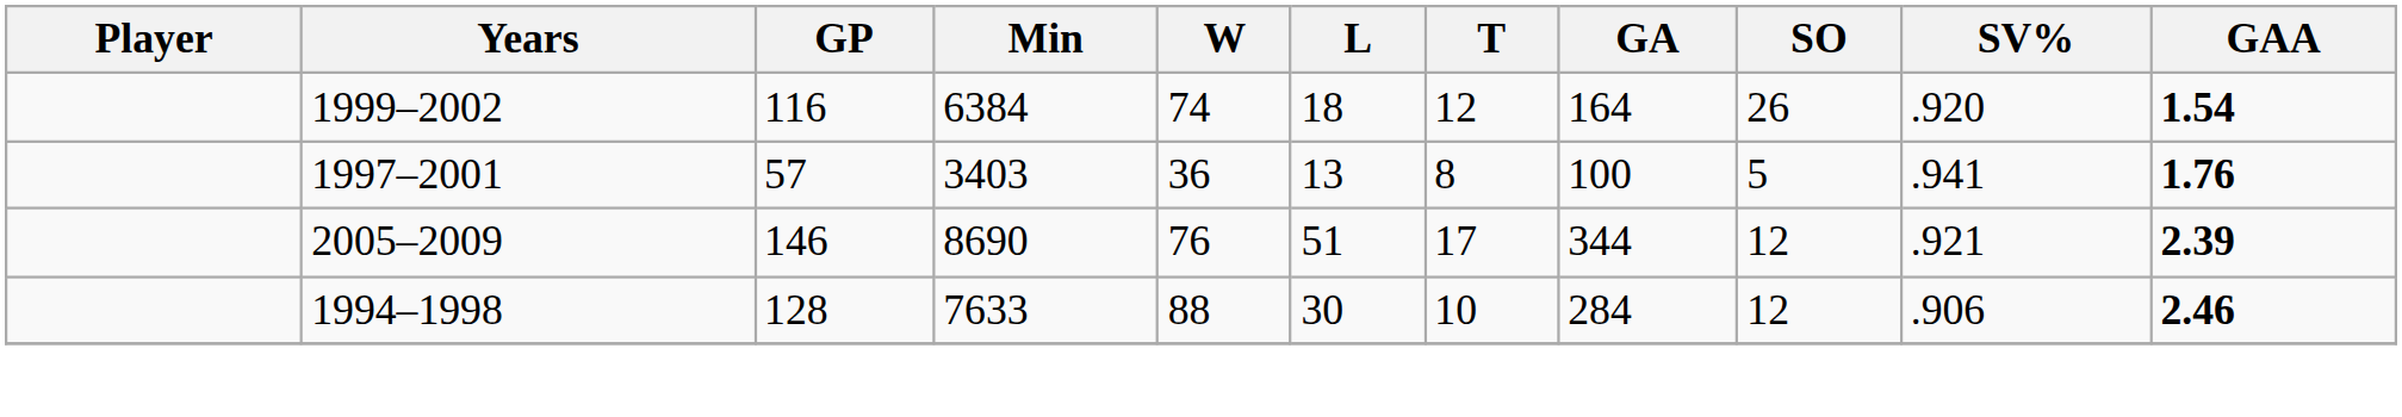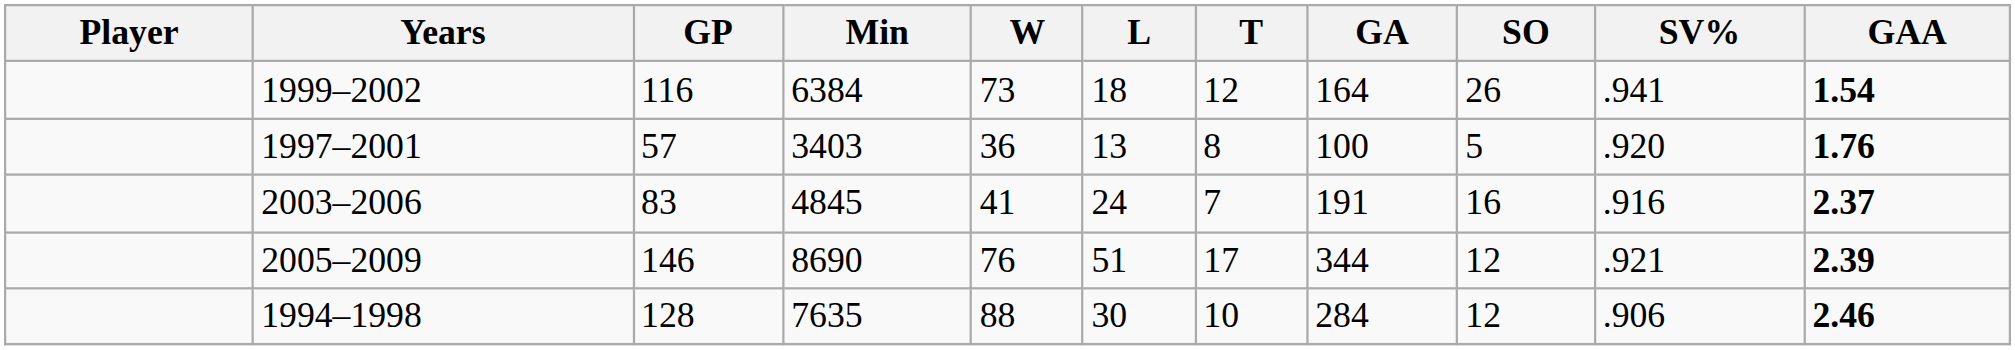 <table class="wikitable sortable" width = 900>
 <tr>
 <th>Player</th>
 <th>Years</th>
 <th>GP</th>
 <th>Min</th>
 <th>W</th>
 <th>L</th>
 <th>T</th>
 <th>GA</th>
 <th>SO</th>
 <th>SV%</th>
 <th>GAA</th>
 </tr>
 <tr>
 <td></td>
 <td>1999–2002</td>
 <td>116</td>
 <td>6384</td>
-<td>74</td>
+<td>73</td>
 <td>18</td>
 <td>12</td>
 <td>164</td>
 <td>26</td>
-<td>.920</td>
+<td>.941</td>
 <td><strong>1.54</strong></td>
 </tr>
 <tr>
 <td></td>
 <td>1997–2001</td>
 <td>57</td>
 <td>3403</td>
 <td>36</td>
 <td>13</td>
 <td>8</td>
 <td>100</td>
 <td>5</td>
-<td>.941</td>
+<td>.920</td>
 <td><strong>1.76</strong></td>
+</tr>
+<tr>
+<td></td>
+<td>2003–2006</td>
+<td>83</td>
+<td>4845</td>
+<td>41</td>
+<td>24</td>
+<td>7</td>
+<td>191</td>
+<td>16</td>
+<td>.916</td>
+<td><strong>2.37</strong></td>
 </tr>
 <tr>
 <td></td>
 <td>2005–2009</td>
 <td>146</td>
 <td>8690</td>
 <td>76</td>
 <td>51</td>
 <td>17</td>
 <td>344</td>
 <td>12</td>
 <td>.921</td>
 <td><strong>2.39</strong></td>
 </tr>
 <tr>
 <td></td>
 <td>1994–1998</td>
 <td>128</td>
-<td>7633</td>
+<td>7635</td>
 <td>88</td>
 <td>30</td>
 <td>10</td>
 <td>284</td>
 <td>12</td>
 <td>.906</td>
 <td><strong>2.46</strong></td>
 </tr>
 <tr>
 </tr>
 </table>
